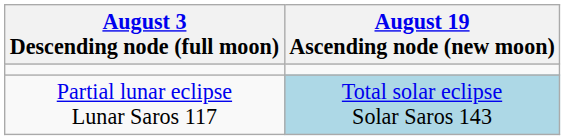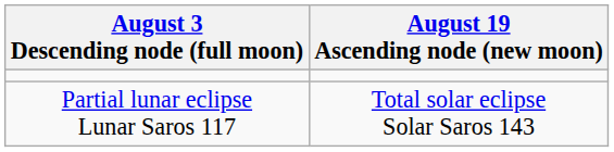 <table class="wikitable">
 <tr>
 <th><a href='#'>August 3</a><br>Descending node (full moon)<br></th>
 <th><a href='#'>August 19</a><br>Ascending node (new moon)<br></th>
 </tr>
 <tr>
 <td></td>
 <td></td>
 </tr>
 <tr align=center>
 <td><a href='#'>Partial lunar eclipse</a><br>Lunar Saros 117</td>
-<td style="background: lightblue;"><a href='#'>Total solar eclipse</a><br>Solar Saros 143</td>
+<td><a href='#'>Total solar eclipse</a><br>Solar Saros 143</td>
 </tr>
 </table>
